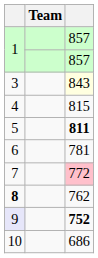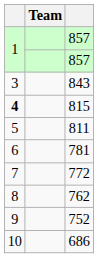 <table class="wikitable" style="text-align:center">
 <tr>
 <th></th>
 <th>Team</th>
 <th></th>
 </tr>
 <tr style="background-color:#ccffcc">
 <td rowspan="2">1</td>
 <td style="text-align:left"></td>
 <td>857</td>
 </tr>
 <tr style="background-color:#ccffcc">
 <td style="text-align:left"></td>
 <td>857</td>
 </tr>
 <tr>
 <td>3</td>
 <td style="text-align:left"></td>
-<td style="background: lightyellow;">843</td>
+<td>843</td>
 </tr>
 <tr>
-<td>4</td>
+<td><strong>4</strong></td>
 <td style="text-align:left"></td>
 <td>815</td>
 </tr>
 <tr>
 <td>5</td>
 <td style="text-align:left"></td>
-<td><strong>811</strong></td>
+<td>811</td>
 </tr>
 <tr>
 <td>6</td>
 <td style="text-align:left"></td>
 <td>781</td>
 </tr>
 <tr>
 <td>7</td>
 <td style="text-align:left"></td>
-<td style="background: pink;">772</td>
+<td>772</td>
 </tr>
 <tr>
-<td><strong>8</strong></td>
+<td>8</td>
 <td style="text-align:left"></td>
 <td>762</td>
 </tr>
 <tr>
-<td style="background: lavender;">9</td>
+<td>9</td>
 <td style="text-align:left"></td>
-<td><strong>752</strong></td>
+<td>752</td>
 </tr>
 <tr>
 <td>10</td>
 <td style="text-align:left"></td>
 <td>686</td>
 </tr>
 </table>
